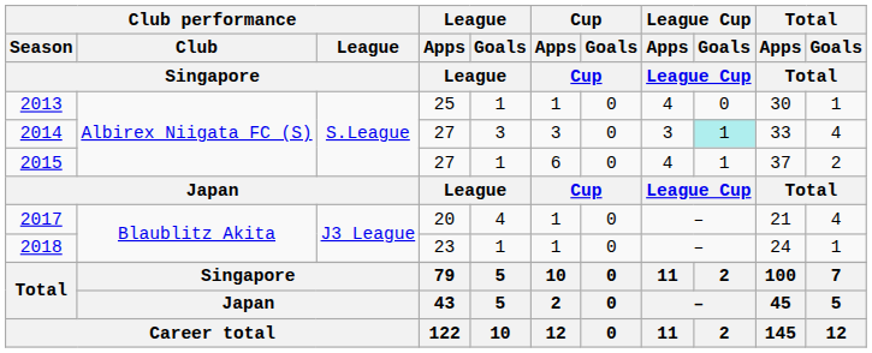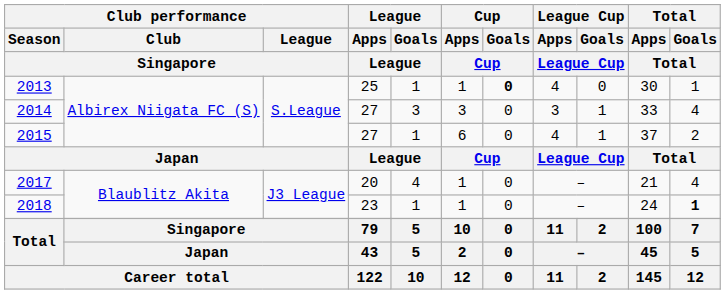 <table class="wikitable" style="text-align:center">
 <tr>
 <th colspan=3>Club performance</th>
 <th colspan=2>League</th>
 <th colspan=2>Cup</th>
 <th colspan=2>League Cup</th>
 <th colspan=2>Total</th>
 </tr>
 <tr>
 <th>Season</th>
 <th>Club</th>
 <th>League</th>
 <th>Apps</th>
 <th>Goals</th>
 <th>Apps</th>
 <th>Goals</th>
 <th>Apps</th>
 <th>Goals</th>
 <th>Apps</th>
 <th>Goals</th>
 </tr>
 <tr>
 <th colspan=3>Singapore</th>
 <th colspan=2>League</th>
 <th colspan=2><a href='#'>Cup</a></th>
 <th colspan=2><a href='#'>League Cup</a></th>
 <th colspan=2>Total</th>
 </tr>
 <tr>
 <td><a href='#'>2013</a></td>
 <td rowspan="3"><a href='#'>Albirex Niigata FC (S)</a></td>
 <td rowspan="3"><a href='#'>S.League</a></td>
 <td>25</td>
 <td>1</td>
 <td>1</td>
-<td>0</td>
+<td><strong>0</strong></td>
 <td>4</td>
 <td>0</td>
 <td>30</td>
 <td>1</td>
 </tr>
 <tr>
 <td><a href='#'>2014</a></td>
 <td>27</td>
 <td>3</td>
 <td>3</td>
 <td>0</td>
 <td>3</td>
-<td style="background: paleturquoise;">1</td>
+<td>1</td>
 <td>33</td>
 <td>4</td>
 </tr>
 <tr>
 <td><a href='#'>2015</a></td>
 <td>27</td>
 <td>1</td>
 <td>6</td>
 <td>0</td>
 <td>4</td>
 <td>1</td>
 <td>37</td>
 <td>2</td>
 </tr>
 <tr>
 <th colspan=3>Japan</th>
 <th colspan=2>League</th>
 <th colspan=2><a href='#'>Cup</a></th>
 <th colspan=2><a href='#'>League Cup</a></th>
 <th colspan=2>Total</th>
 </tr>
 <tr>
 <td><a href='#'>2017</a></td>
 <td rowspan="2"><a href='#'>Blaublitz Akita</a></td>
 <td rowspan="2"><a href='#'>J3 League</a></td>
 <td>20</td>
 <td>4</td>
 <td>1</td>
 <td>0</td>
 <td colspan="2">–</td>
 <td>21</td>
 <td>4</td>
 </tr>
 <tr>
 <td><a href='#'>2018</a></td>
 <td>23</td>
 <td>1</td>
 <td>1</td>
 <td>0</td>
 <td colspan="2">–</td>
 <td>24</td>
-<td>1</td>
+<td><strong>1</strong></td>
 </tr>
 <tr>
 <th rowspan="3">Total</th>
 </tr>
 <tr>
 <th colspan=2>Singapore</th>
 <th>79</th>
 <th>5</th>
 <th>10</th>
 <th>0</th>
 <th>11</th>
 <th>2</th>
 <th>100</th>
 <th>7</th>
 </tr>
 <tr>
 <th colspan=2>Japan</th>
 <th>43</th>
 <th>5</th>
 <th>2</th>
 <th>0</th>
 <th colspan="2">–</th>
 <th>45</th>
 <th>5</th>
 </tr>
 <tr>
 <th colspan=3>Career total</th>
 <th>122</th>
 <th>10</th>
 <th>12</th>
 <th>0</th>
 <th>11</th>
 <th>2</th>
 <th>145</th>
 <th>12</th>
 </tr>
 </table>
